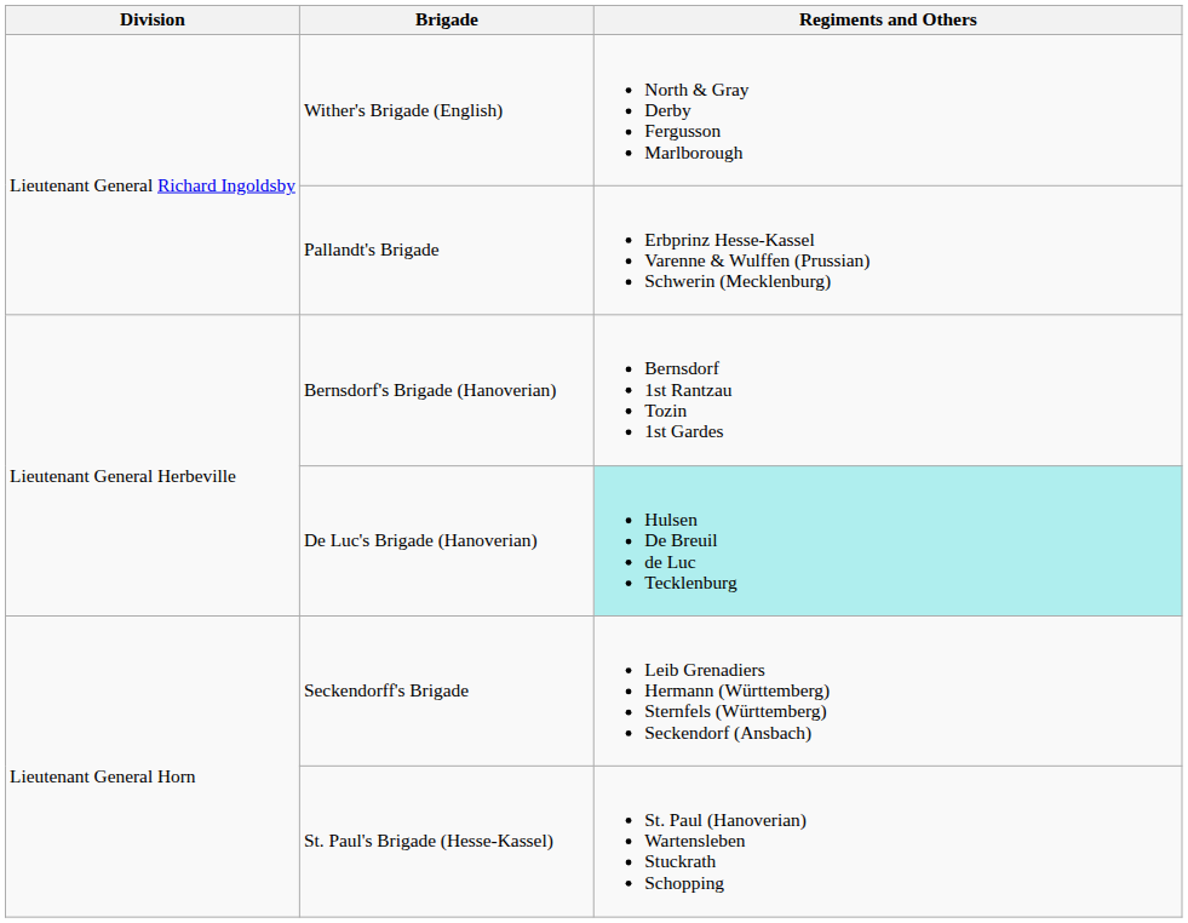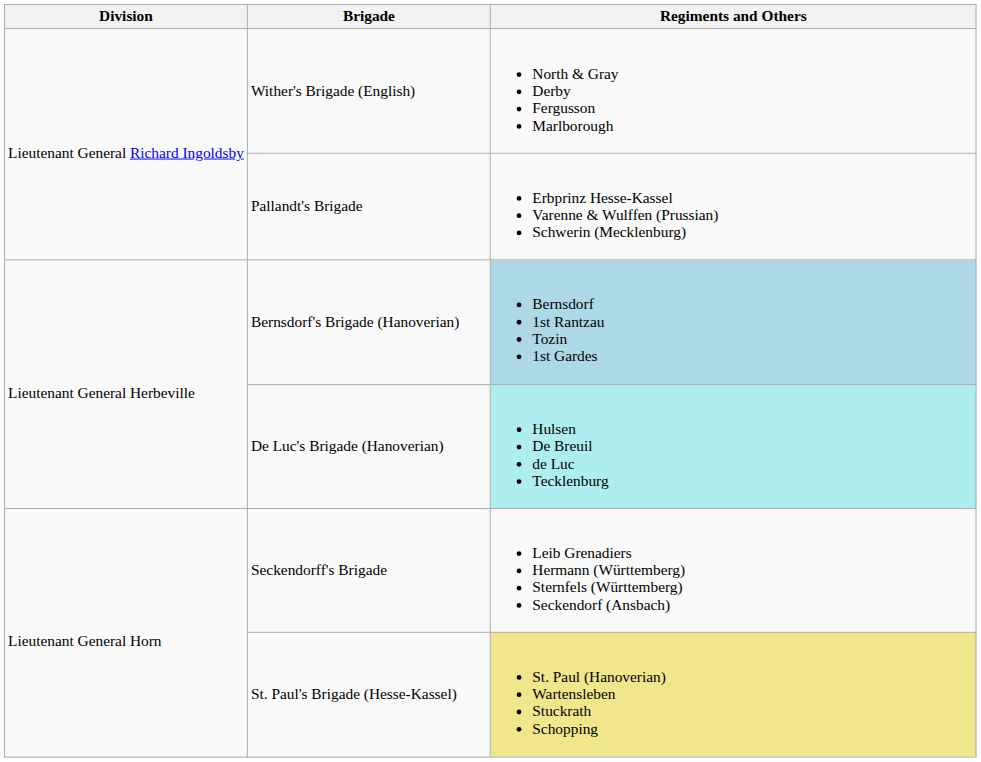 <table class="wikitable">
 <tr>
 <th width=25%>Division</th>
 <th width=25%>Brigade</th>
 <th>Regiments and Others</th>
 </tr>
 <tr>
 <td rowspan=2><br>Lieutenant General <a href='#'>Richard Ingoldsby</a></td>
 <td>Wither's Brigade (English)</td>
 <td><br><ul><li>North & Gray</li><li>Derby</li><li>Fergusson</li><li>Marlborough</li></ul></td>
 </tr>
 <tr>
 <td>Pallandt's Brigade</td>
 <td><br><ul><li>Erbprinz Hesse-Kassel</li><li>Varenne & Wulffen (Prussian)</li><li>Schwerin (Mecklenburg)</li></ul></td>
 </tr>
 <tr>
 <td rowspan=2><br>Lieutenant General Herbeville</td>
 <td>Bernsdorf's Brigade (Hanoverian)</td>
-<td><br><ul><li>Bernsdorf</li><li>1st Rantzau</li><li>Tozin</li><li>1st Gardes</li></ul></td>
+<td style="background: lightblue;"><br><ul><li>Bernsdorf</li><li>1st Rantzau</li><li>Tozin</li><li>1st Gardes</li></ul></td>
 </tr>
 <tr>
 <td>De Luc's Brigade (Hanoverian)</td>
 <td style="background: paleturquoise;"><br><ul><li>Hulsen</li><li>De Breuil</li><li>de Luc</li><li>Tecklenburg</li></ul></td>
 </tr>
 <tr>
 <td rowspan=2><br>Lieutenant General Horn</td>
 <td>Seckendorff's Brigade</td>
 <td><br><ul><li>Leib Grenadiers</li><li>Hermann (Württemberg)</li><li>Sternfels (Württemberg)</li><li>Seckendorf (Ansbach)</li></ul></td>
 </tr>
 <tr>
 <td>St. Paul's Brigade (Hesse-Kassel)</td>
-<td><br><ul><li>St. Paul (Hanoverian)</li><li>Wartensleben</li><li>Stuckrath</li><li>Schopping</li></ul></td>
+<td style="background: khaki;"><br><ul><li>St. Paul (Hanoverian)</li><li>Wartensleben</li><li>Stuckrath</li><li>Schopping</li></ul></td>
 </tr>
 </table>
